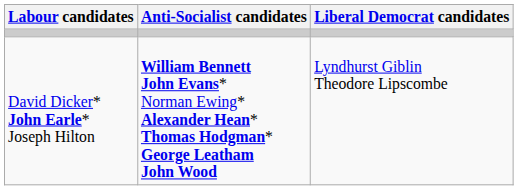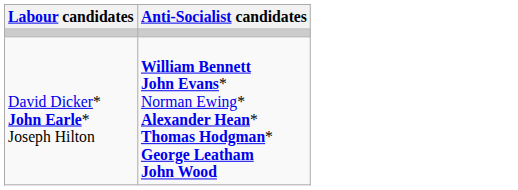 <table class="wikitable">
 <tr>
 <th><a href='#'>Labour</a> candidates</th>
 <th><a href='#'>Anti-Socialist</a> candidates</th>
-<th><a href='#'>Liberal Democrat</a> candidates</th>
 </tr>
 <tr bgcolor="#cccccc">
-<td></td>
 <td></td>
 <td></td>
 </tr>
 <tr>
 <td><br><a href='#'>David Dicker</a>*<br> <strong><a href='#'>John Earle</a></strong>*<br> Joseph Hilton</td>
 <td><br><strong><a href='#'>William Bennett</a></strong><br> <strong><a href='#'>John Evans</a></strong>*<br> <a href='#'>Norman Ewing</a>*<br> <strong><a href='#'>Alexander Hean</a></strong>*<br> <strong><a href='#'>Thomas Hodgman</a></strong>*<br> <strong><a href='#'>George Leatham</a></strong><br> <strong><a href='#'>John Wood</a></strong></td>
-<td valign=top><br><a href='#'>Lyndhurst Giblin</a><br> Theodore Lipscombe</td>
 </tr>
 </table>
